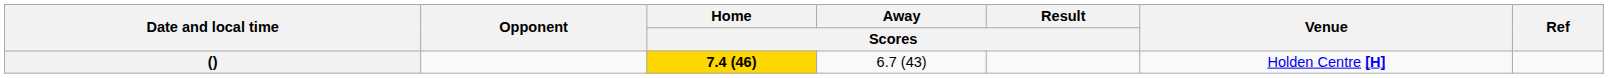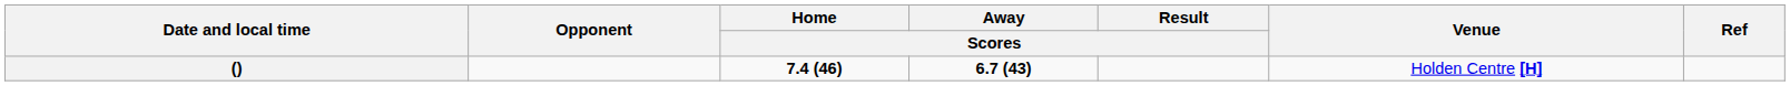 <table class="wikitable plainrowheaders" style="font-size:90%; width:100%; text-align:center;">
 <tr>
 <th scope="col" rowspan="2">Date and local time</th>
 <th scope="col" rowspan="2">Opponent</th>
 <th scope="col">Home</th>
 <th scope="col">Away</th>
 <th scope="col">Result</th>
 <th scope="col" rowspan="2">Venue</th>
 <th scope="col" class="unsortable" rowspan=2>Ref</th>
 </tr>
 <tr>
 <th scope="col" colspan="3">Scores</th>
 </tr>
 <tr>
 <th scope="row"> ()</th>
 <td align=left></td>
-<td style="background: gold;"><strong>7.4 (46)</strong></td>
-<td>6.7 (43)</td>
+<td><strong>7.4 (46)</strong></td>
+<td><strong>6.7 (43)</strong></td>
 <td></td>
 <td><a href='#'>Holden Centre</a> <a href='#'><strong>[H]</strong></a></td>
 <td></td>
 </tr>
 </table>
